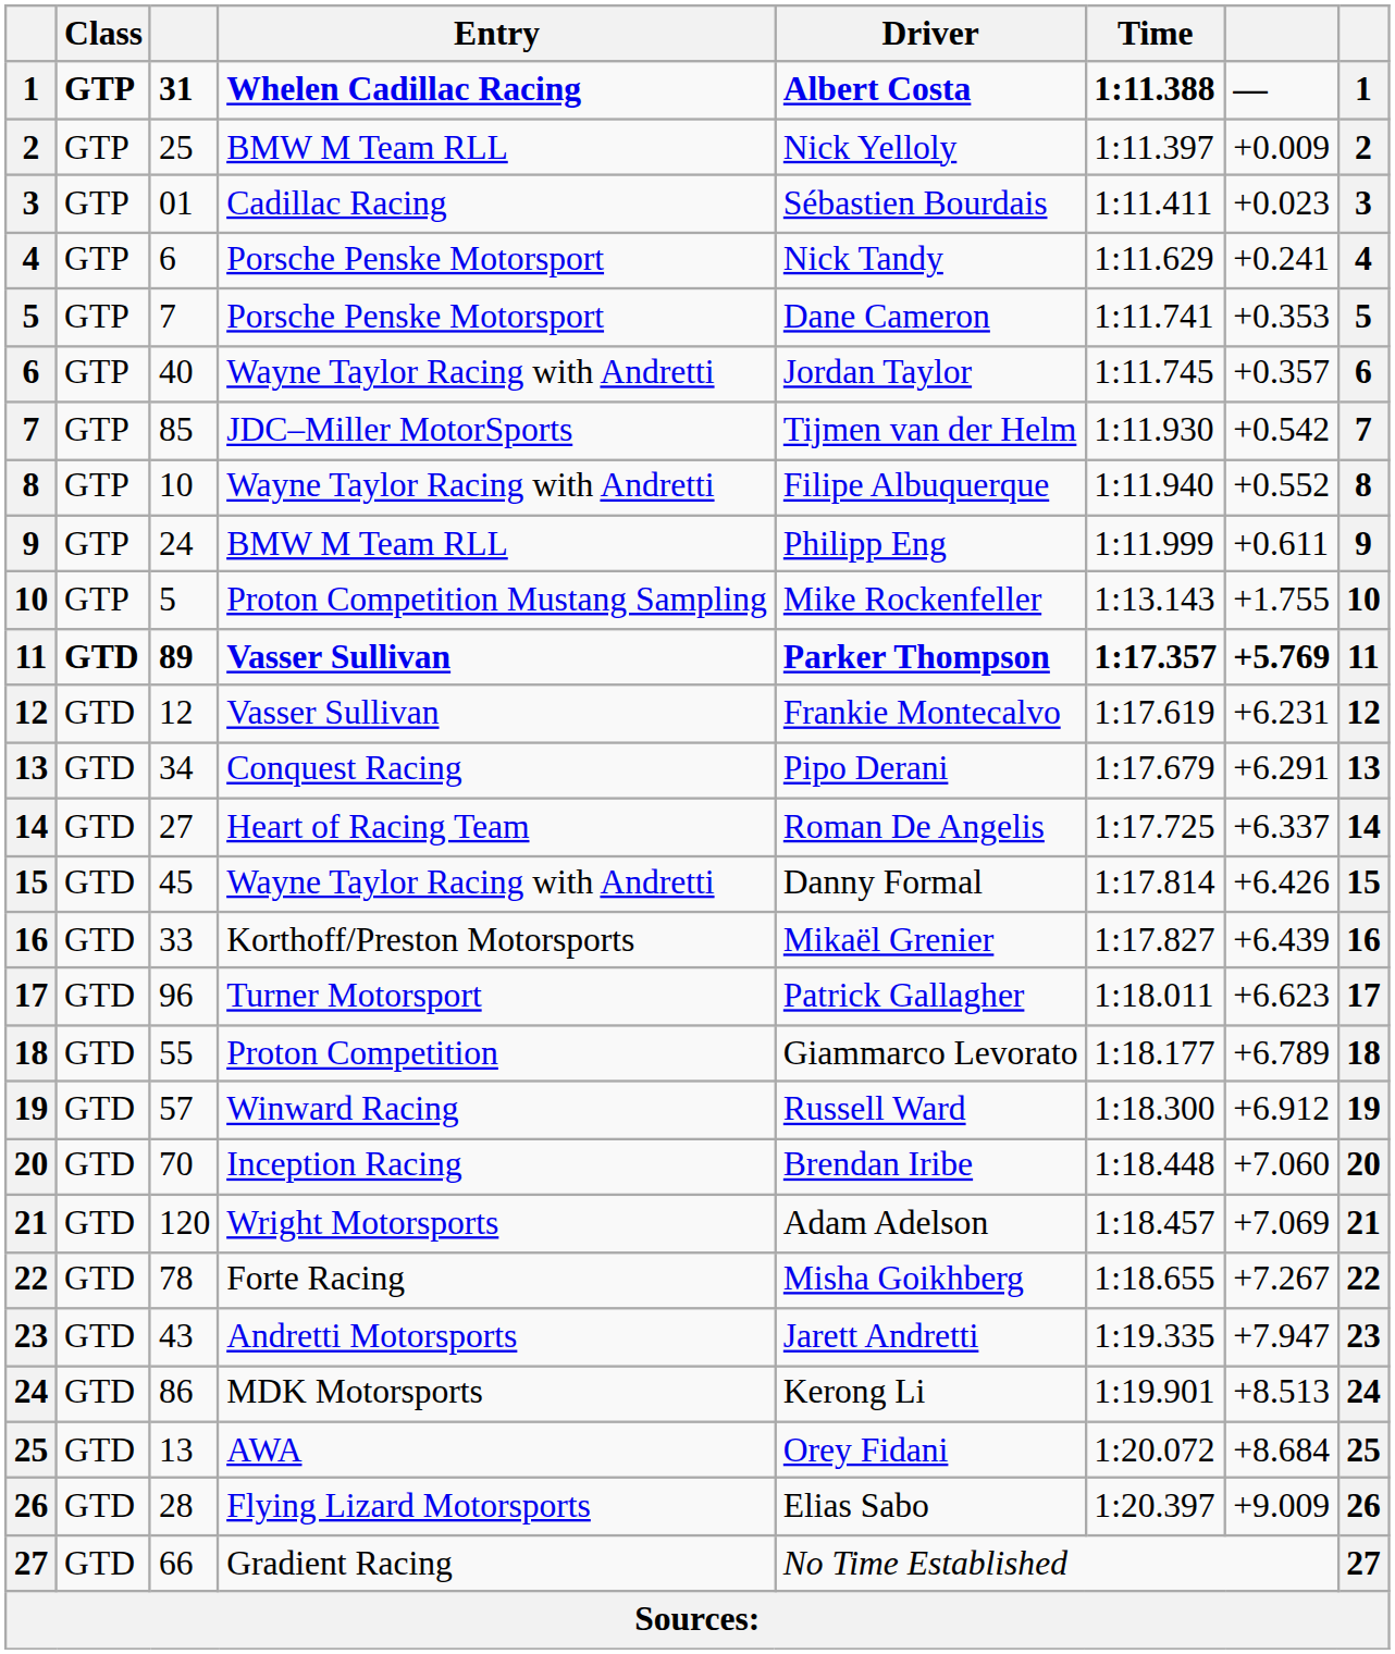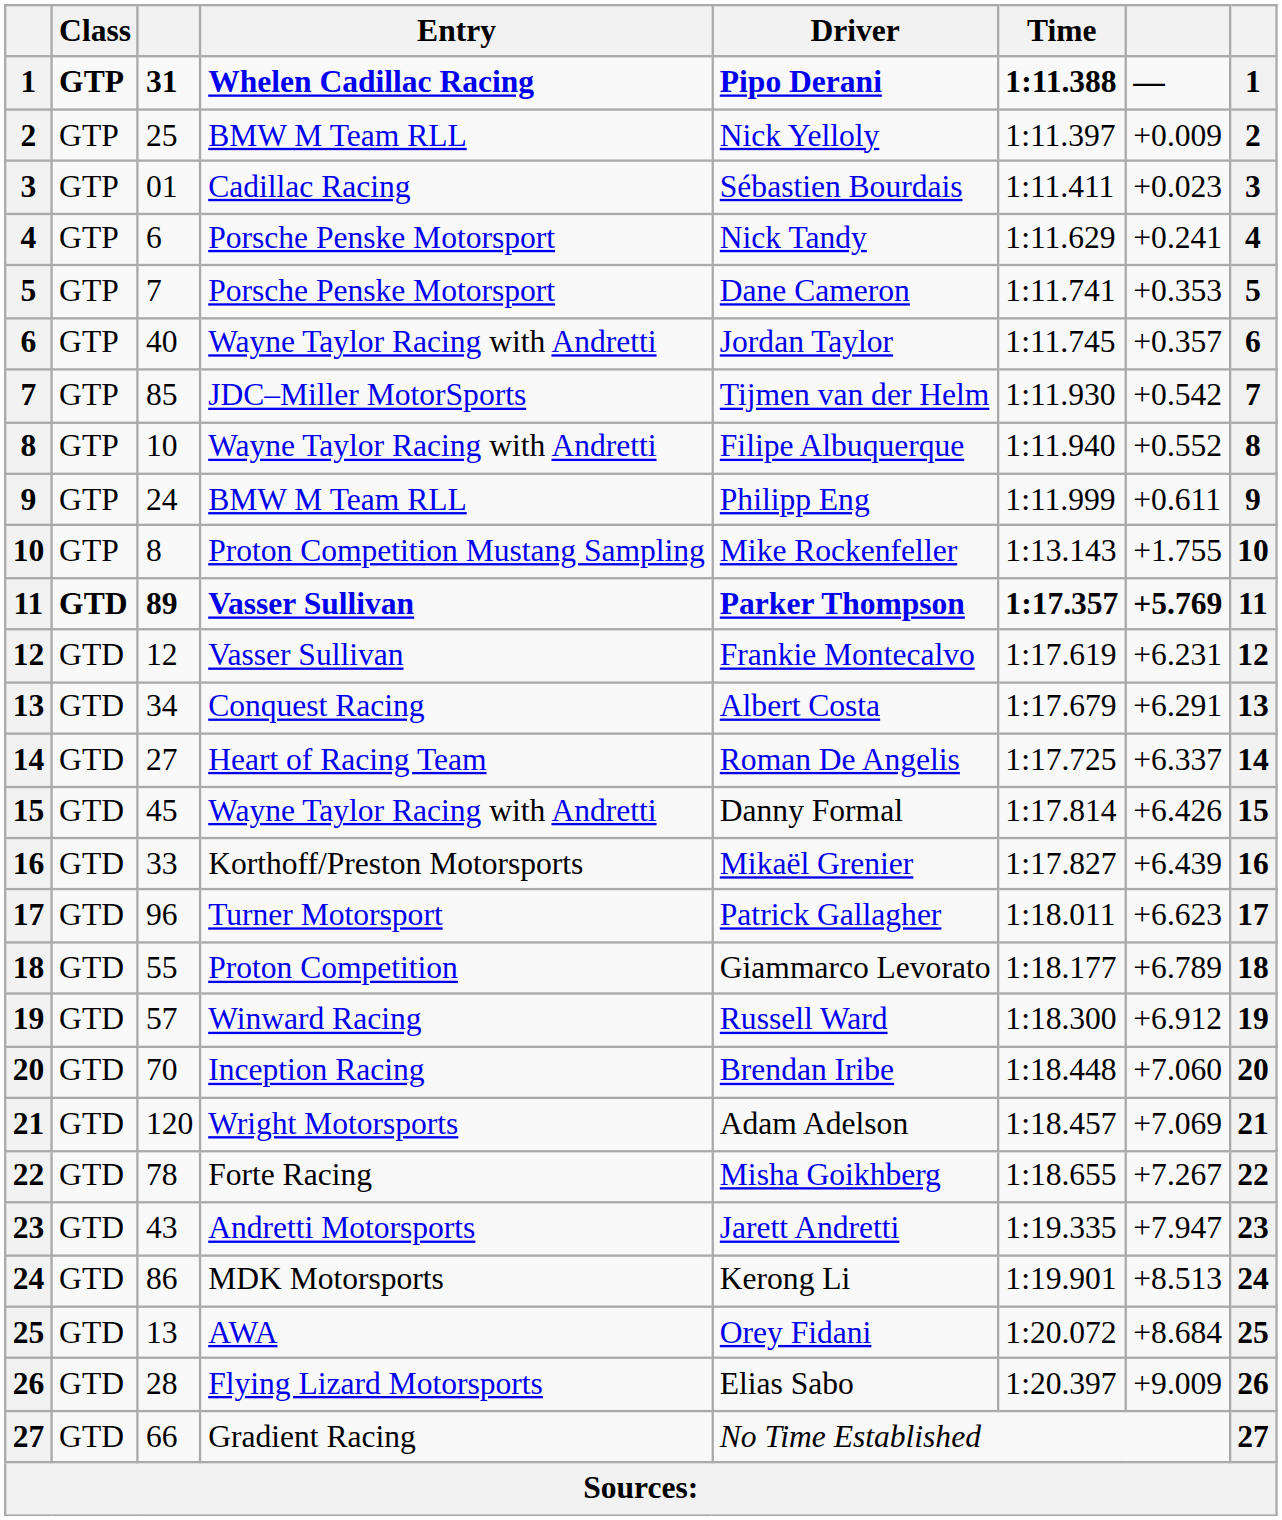 <table class="wikitable" style="font-size: 85%;">
 <tr>
 <th></th>
 <th>Class</th>
 <th></th>
 <th>Entry</th>
 <th>Driver</th>
 <th>Time</th>
 <th></th>
 <th></th>
 </tr>
 <tr style="font-weight:bold">
 <th>1</th>
 <td>GTP</td>
 <td>31</td>
 <td> <a href='#'>Whelen Cadillac Racing</a></td>
-<td> <a href='#'>Albert Costa</a></td>
+<td> <a href='#'>Pipo Derani</a></td>
 <td>1:11.388</td>
 <td>—</td>
 <th>1</th>
 </tr>
 <tr>
 <th>2</th>
 <td>GTP</td>
 <td>25</td>
 <td> <a href='#'>BMW M Team RLL</a></td>
 <td> <a href='#'>Nick Yelloly</a></td>
 <td>1:11.397</td>
 <td>+0.009</td>
 <th>2</th>
 </tr>
 <tr>
 <th>3</th>
 <td>GTP</td>
 <td>01</td>
 <td> <a href='#'>Cadillac Racing</a></td>
 <td> <a href='#'>Sébastien Bourdais</a></td>
 <td>1:11.411</td>
 <td>+0.023</td>
 <th>3</th>
 </tr>
 <tr>
 <th>4</th>
 <td>GTP</td>
 <td>6</td>
 <td> <a href='#'>Porsche Penske Motorsport</a></td>
 <td> <a href='#'>Nick Tandy</a></td>
 <td>1:11.629</td>
 <td>+0.241</td>
 <th>4</th>
 </tr>
 <tr>
 <th>5</th>
 <td>GTP</td>
 <td>7</td>
 <td> <a href='#'>Porsche Penske Motorsport</a></td>
 <td> <a href='#'>Dane Cameron</a></td>
 <td>1:11.741</td>
 <td>+0.353</td>
 <th>5</th>
 </tr>
 <tr>
 <th>6</th>
 <td>GTP</td>
 <td>40</td>
 <td> <a href='#'>Wayne Taylor Racing</a> with <a href='#'>Andretti</a></td>
 <td> <a href='#'>Jordan Taylor</a></td>
 <td>1:11.745</td>
 <td>+0.357</td>
 <th>6</th>
 </tr>
 <tr>
 <th>7</th>
 <td>GTP</td>
 <td>85</td>
 <td> <a href='#'>JDC–Miller MotorSports</a></td>
 <td> <a href='#'>Tijmen van der Helm</a></td>
 <td>1:11.930</td>
 <td>+0.542</td>
 <th>7</th>
 </tr>
 <tr>
 <th>8</th>
 <td>GTP</td>
 <td>10</td>
 <td> <a href='#'>Wayne Taylor Racing</a> with <a href='#'>Andretti</a></td>
 <td> <a href='#'>Filipe Albuquerque</a></td>
 <td>1:11.940</td>
 <td>+0.552</td>
 <th>8</th>
 </tr>
 <tr>
 <th>9</th>
 <td>GTP</td>
 <td>24</td>
 <td> <a href='#'>BMW M Team RLL</a></td>
 <td> <a href='#'>Philipp Eng</a></td>
 <td>1:11.999</td>
 <td>+0.611</td>
 <th>9</th>
 </tr>
 <tr>
 <th>10</th>
 <td>GTP</td>
-<td>5</td>
+<td>8</td>
 <td> <a href='#'>Proton Competition Mustang Sampling</a></td>
 <td> <a href='#'>Mike Rockenfeller</a></td>
 <td>1:13.143</td>
 <td>+1.755</td>
 <th>10</th>
 </tr>
 <tr style="font-weight:bold">
 <th>11</th>
 <td>GTD</td>
 <td>89</td>
 <td> <a href='#'>Vasser Sullivan</a></td>
 <td> <a href='#'>Parker Thompson</a></td>
 <td>1:17.357</td>
 <td>+5.769</td>
 <th>11</th>
 </tr>
 <tr>
 <th>12</th>
 <td>GTD</td>
 <td>12</td>
 <td> <a href='#'>Vasser Sullivan</a></td>
 <td> <a href='#'>Frankie Montecalvo</a></td>
 <td>1:17.619</td>
 <td>+6.231</td>
 <th>12</th>
 </tr>
 <tr>
 <th>13</th>
 <td>GTD</td>
 <td>34</td>
 <td> <a href='#'>Conquest Racing</a></td>
-<td> <a href='#'>Pipo Derani</a></td>
+<td> <a href='#'>Albert Costa</a></td>
 <td>1:17.679</td>
 <td>+6.291</td>
 <th>13</th>
 </tr>
 <tr>
 <th>14</th>
 <td>GTD</td>
 <td>27</td>
 <td> <a href='#'>Heart of Racing Team</a></td>
 <td> <a href='#'>Roman De Angelis</a></td>
 <td>1:17.725</td>
 <td>+6.337</td>
 <th>14</th>
 </tr>
 <tr>
 <th>15</th>
 <td>GTD</td>
 <td>45</td>
 <td> <a href='#'>Wayne Taylor Racing</a> with <a href='#'>Andretti</a></td>
 <td> Danny Formal</td>
 <td>1:17.814</td>
 <td>+6.426</td>
 <th>15</th>
 </tr>
 <tr>
 <th>16</th>
 <td>GTD</td>
 <td>33</td>
 <td> Korthoff/Preston Motorsports</td>
 <td> <a href='#'>Mikaël Grenier</a></td>
 <td>1:17.827</td>
 <td>+6.439</td>
 <th>16</th>
 </tr>
 <tr>
 <th>17</th>
 <td>GTD</td>
 <td>96</td>
 <td> <a href='#'>Turner Motorsport</a></td>
 <td> <a href='#'>Patrick Gallagher</a></td>
 <td>1:18.011</td>
 <td>+6.623</td>
 <th>17</th>
 </tr>
 <tr>
 <th>18</th>
 <td>GTD</td>
 <td>55</td>
 <td> <a href='#'>Proton Competition</a></td>
 <td> Giammarco Levorato</td>
 <td>1:18.177</td>
 <td>+6.789</td>
 <th>18</th>
 </tr>
 <tr>
 <th>19</th>
 <td>GTD</td>
 <td>57</td>
 <td> <a href='#'>Winward Racing</a></td>
 <td> <a href='#'>Russell Ward</a></td>
 <td>1:18.300</td>
 <td>+6.912</td>
 <th>19</th>
 </tr>
 <tr>
 <th>20</th>
 <td>GTD</td>
 <td>70</td>
 <td> <a href='#'>Inception Racing</a></td>
 <td> <a href='#'>Brendan Iribe</a></td>
 <td>1:18.448</td>
 <td>+7.060</td>
 <th>20</th>
 </tr>
 <tr>
 <th>21</th>
 <td>GTD</td>
 <td>120</td>
 <td> <a href='#'>Wright Motorsports</a></td>
 <td> Adam Adelson</td>
 <td>1:18.457</td>
 <td>+7.069</td>
 <th>21</th>
 </tr>
 <tr>
 <th>22</th>
 <td>GTD</td>
 <td>78</td>
 <td> Forte Racing</td>
 <td> <a href='#'>Misha Goikhberg</a></td>
 <td>1:18.655</td>
 <td>+7.267</td>
 <th>22</th>
 </tr>
 <tr>
 <th>23</th>
 <td>GTD</td>
 <td>43</td>
 <td> <a href='#'>Andretti Motorsports</a></td>
 <td> <a href='#'>Jarett Andretti</a></td>
 <td>1:19.335</td>
 <td>+7.947</td>
 <th>23</th>
 </tr>
 <tr>
 <th>24</th>
 <td>GTD</td>
 <td>86</td>
 <td> MDK Motorsports</td>
 <td> Kerong Li</td>
 <td>1:19.901</td>
 <td>+8.513</td>
 <th>24</th>
 </tr>
 <tr>
 <th>25</th>
 <td>GTD</td>
 <td>13</td>
 <td> <a href='#'>AWA</a></td>
 <td> <a href='#'>Orey Fidani</a></td>
 <td>1:20.072</td>
 <td>+8.684</td>
 <th>25</th>
 </tr>
 <tr>
 <th>26</th>
 <td>GTD</td>
 <td>28</td>
 <td> <a href='#'>Flying Lizard Motorsports</a></td>
 <td> Elias Sabo</td>
 <td>1:20.397</td>
 <td>+9.009</td>
 <th>26</th>
 </tr>
 <tr>
 <th>27</th>
 <td>GTD</td>
 <td>66</td>
 <td> Gradient Racing</td>
 <td colspan="3"><em>No Time Established</em></td>
 <th>27</th>
 </tr>
 <tr>
 <th colspan="8">Sources:</th>
 </tr>
 </table>
